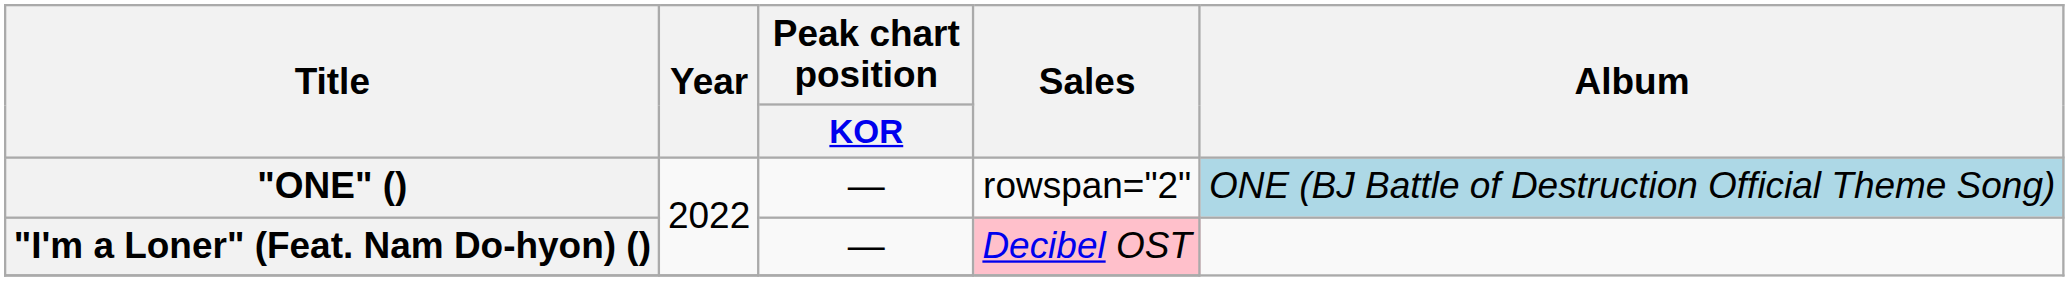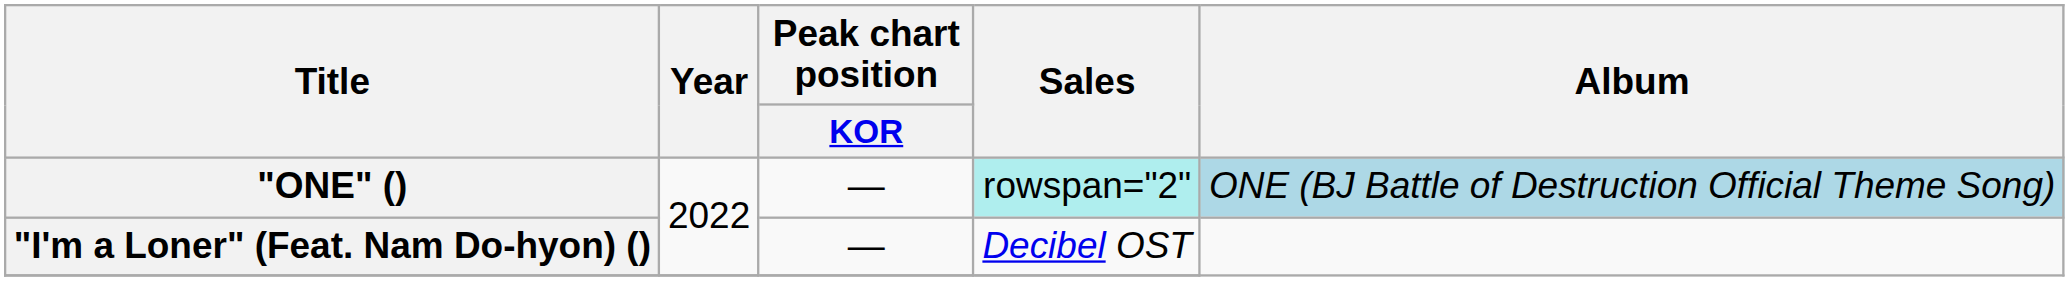 <table class="wikitable plainrowheaders" style="text-align:center">
 <tr>
 <th scope="col" rowspan="2">Title</th>
 <th scope="col" rowspan="2">Year</th>
 <th scope="col" colspan="1">Peak chart position</th>
 <th scope="col" rowspan="2">Sales</th>
 <th scope="col" rowspan="2">Album</th>
 </tr>
 <tr>
 <th style="width:6em;font-size:90%"><a href='#'>KOR</a></th>
 </tr>
 <tr>
 <th scope="row">"ONE" ()</th>
 <td rowspan="2">2022</td>
 <td>—</td>
-<td>rowspan="2" </td>
+<td style="background: paleturquoise;">rowspan="2" </td>
 <td style="background: lightblue;"><em>ONE (BJ Battle of Destruction Official Theme Song)</em></td>
 </tr>
 <tr>
 <th scope="row">"I'm a Loner" (Feat. Nam Do-hyon) ()</th>
 <td>—</td>
-<td style="background: pink;"><em><a href='#'>Decibel</a> OST</em></td>
+<td><em><a href='#'>Decibel</a> OST</em></td>
 </tr>
 <tr>
 </tr>
 </table>
